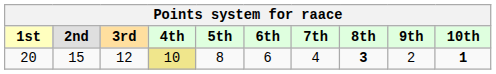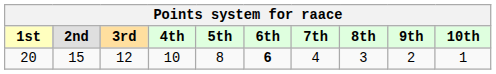 <table class="wikitable" style="font-size: 85%; text-align: center">
 <tr>
 <th colspan=19>Points system for raace</th>
 </tr>
 <tr>
 <td style="background:#ffffbf;"> <strong>1st</strong> </td>
 <td style="background:#dfdfdf;"> <strong>2nd</strong> </td>
 <td style="background:#ffdf9f;"> <strong>3rd</strong> </td>
 <td style="background:#dfffdf;"> <strong>4th</strong> </td>
 <td style="background:#dfffdf;"> <strong>5th</strong> </td>
 <td style="background:#dfffdf;"> <strong>6th</strong> </td>
 <td style="background:#dfffdf;"> <strong>7th</strong> </td>
 <td style="background:#dfffdf;"> <strong>8th</strong> </td>
 <td style="background:#dfffdf;"> <strong>9th</strong> </td>
 <td style="background:#dfffdf;"> <strong>10th</strong> </td>
 </tr>
 <tr>
 <td>20</td>
 <td>15</td>
 <td>12</td>
-<td style="background: khaki;">10</td>
+<td>10</td>
 <td>8</td>
-<td>6</td>
+<td><strong>6</strong></td>
 <td>4</td>
-<td><strong>3</strong></td>
+<td>3</td>
 <td>2</td>
-<td><strong>1</strong></td>
+<td>1</td>
 </tr>
 </table>
